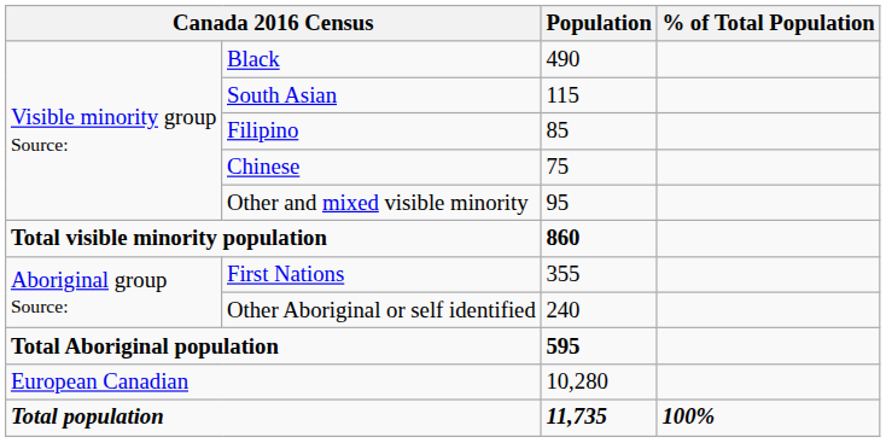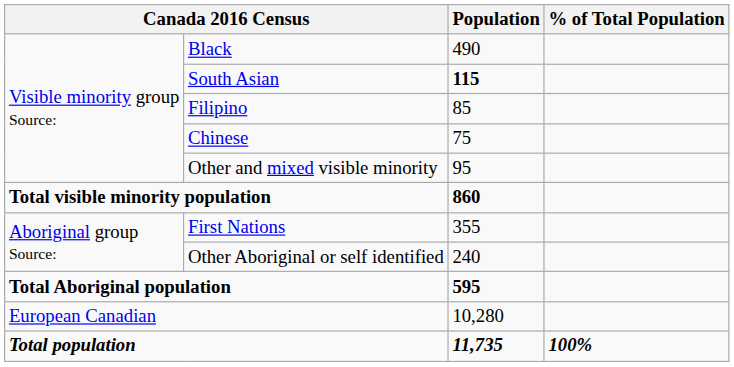 <table class="wikitable">
 <tr>
 <th colspan="2">Canada 2016 Census</th>
 <th>Population</th>
 <th>% of Total Population</th>
 </tr>
 <tr>
 <td rowspan="5"><a href='#'>Visible minority</a> group<br><small>Source:</small></td>
 <td><a href='#'>Black</a></td>
 <td>490</td>
 <td></td>
 </tr>
 <tr>
 <td><a href='#'>South Asian</a></td>
-<td>115</td>
+<td><strong>115</strong></td>
 <td></td>
 </tr>
 <tr>
 <td><a href='#'>Filipino</a></td>
 <td>85</td>
 <td></td>
 </tr>
 <tr>
 <td><a href='#'>Chinese</a></td>
 <td>75</td>
 <td></td>
 </tr>
 <tr>
 <td>Other and <a href='#'>mixed</a> visible minority</td>
 <td>95</td>
 <td></td>
 </tr>
 <tr>
 <td colspan="2"><strong>Total visible minority population</strong></td>
 <td><strong>860</strong></td>
 <td><strong></strong></td>
 </tr>
 <tr>
 <td rowspan="2"><a href='#'>Aboriginal</a> group<br><small>Source:</small></td>
 <td><a href='#'>First Nations</a></td>
 <td>355</td>
 <td></td>
 </tr>
 <tr>
 <td>Other Aboriginal or self identified</td>
 <td>240</td>
 <td></td>
 </tr>
 <tr>
 <td colspan="2"><strong>Total Aboriginal population</strong></td>
 <td><strong>595</strong></td>
 <td><strong></strong></td>
 </tr>
 <tr>
 <td colspan="2"><a href='#'>European Canadian</a></td>
 <td>10,280</td>
 <td></td>
 </tr>
 <tr>
 <td colspan="2"><strong><em>Total population</em></strong></td>
 <td><strong><em>11,735</em></strong></td>
 <td><strong><em>100%</em></strong></td>
 </tr>
 </table>
